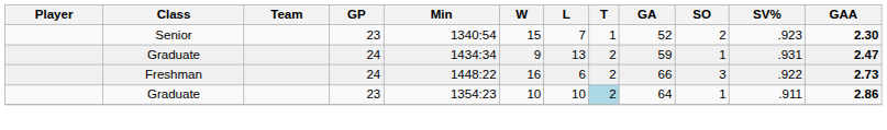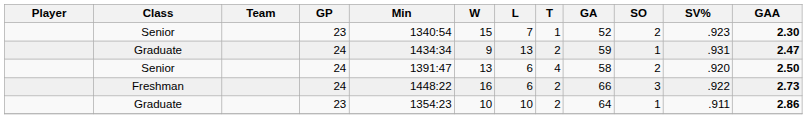 <table class="wikitable sortable" style="text-align: center; "width=70%">
 <tr>
 <th>Player</th>
 <th>Class</th>
 <th>Team</th>
 <th>GP</th>
 <th>Min</th>
 <th>W</th>
 <th>L</th>
 <th>T</th>
 <th>GA</th>
 <th>SO</th>
 <th>SV%</th>
 <th>GAA</th>
 </tr>
 <tr>
 <td style="text-align: left"></td>
 <td>Senior</td>
 <td><strong><a href='#'></a></strong></td>
 <td style="text-align: right">23</td>
 <td style="text-align: right">1340:54</td>
 <td style="text-align: right">15</td>
 <td style="text-align: right">7</td>
 <td style="text-align: right">1</td>
 <td style="text-align: right">52</td>
 <td style="text-align: right">2</td>
 <td style="text-align: right">.923</td>
 <td style="text-align: right"><strong>2.30</strong></td>
 </tr>
 <tr bgcolor=f0f0f0>
 <td style="text-align: left"></td>
 <td>Graduate</td>
 <td><strong><a href='#'></a></strong></td>
 <td style="text-align: right">24</td>
 <td style="text-align: right">1434:34</td>
 <td style="text-align: right">9</td>
 <td style="text-align: right">13</td>
 <td style="text-align: right">2</td>
 <td style="text-align: right">59</td>
 <td style="text-align: right">1</td>
 <td style="text-align: right">.931</td>
 <td style="text-align: right"><strong>2.47</strong></td>
 </tr>
+<tr>
+<td style="text-align: left"></td>
+<td>Senior</td>
+<td><strong><a href='#'></a></strong></td>
+<td style="text-align: right">24</td>
+<td style="text-align: right">1391:47</td>
+<td style="text-align: right">13</td>
+<td style="text-align: right">6</td>
+<td style="text-align: right">4</td>
+<td style="text-align: right">58</td>
+<td style="text-align: right">2</td>
+<td style="text-align: right">.920</td>
+<td style="text-align: right"><strong>2.50</strong></td>
+</tr>
 <tr bgcolor=f0f0f0>
 <td style="text-align: left"></td>
 <td>Freshman</td>
 <td><strong><a href='#'></a></strong></td>
 <td style="text-align: right">24</td>
 <td style="text-align: right">1448:22</td>
 <td style="text-align: right">16</td>
 <td style="text-align: right">6</td>
 <td style="text-align: right">2</td>
 <td style="text-align: right">66</td>
 <td style="text-align: right">3</td>
 <td style="text-align: right">.922</td>
 <td style="text-align: right"><strong>2.73</strong></td>
 </tr>
 <tr>
 <td style="text-align: left"></td>
 <td>Graduate</td>
 <td><strong><a href='#'></a></strong></td>
 <td style="text-align: right">23</td>
 <td style="text-align: right">1354:23</td>
 <td style="text-align: right">10</td>
 <td style="text-align: right">10</td>
-<td style="background: lightblue; text-align: right">2</td>
+<td style="text-align: right">2</td>
 <td style="text-align: right">64</td>
 <td style="text-align: right">1</td>
 <td style="text-align: right">.911</td>
 <td style="text-align: right"><strong>2.86</strong></td>
 </tr>
 <tr>
 </tr>
 </table>
